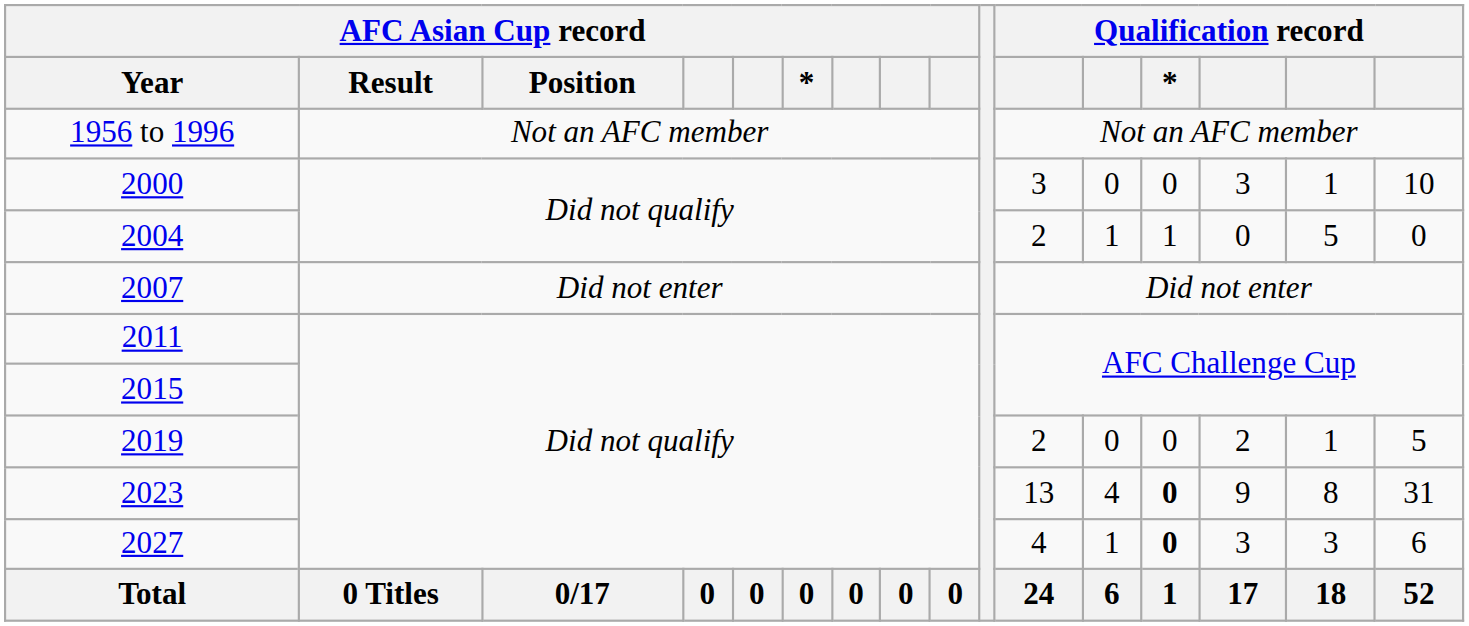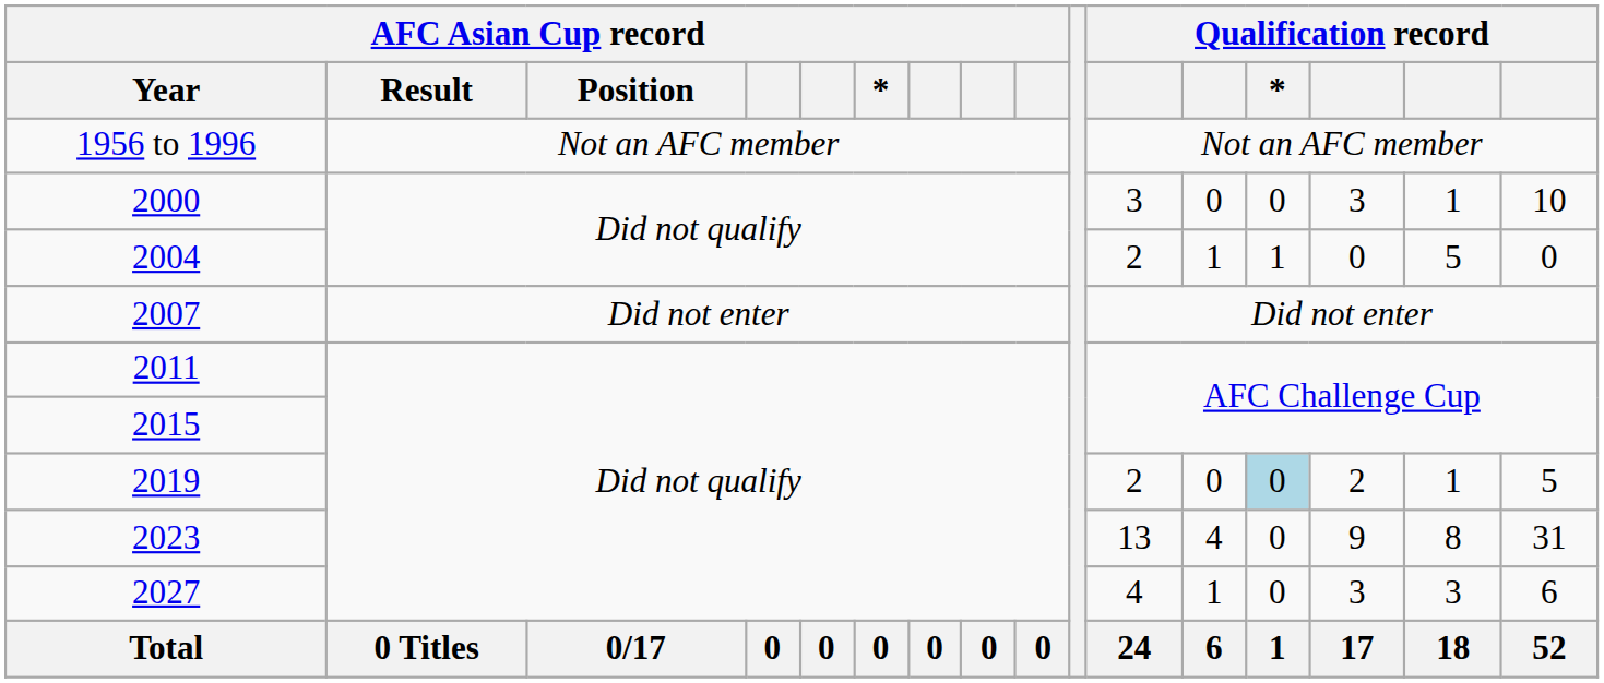 <table class="wikitable" style="text-align: center;font-size:90%;">
 <tr>
 <th colspan=9><a href='#'>AFC Asian Cup</a> record</th>
 <th style="width:1%;" rowspan="19"></th>
 <th colspan=6><a href='#'>Qualification</a> record</th>
 </tr>
 <tr>
 <th>Year</th>
 <th>Result</th>
 <th>Position</th>
 <th></th>
 <th></th>
 <th>*</th>
 <th></th>
 <th></th>
 <th></th>
 <th></th>
 <th></th>
 <th>*</th>
 <th></th>
 <th></th>
 <th></th>
 </tr>
 <tr>
 <td> <a href='#'>1956</a> to  <a href='#'>1996</a></td>
 <td colspan=8><em>Not an AFC member</em></td>
 <td colspan=6><em>Not an AFC member</em></td>
 </tr>
 <tr>
 <td> <a href='#'>2000</a></td>
 <td rowspan=2 colspan=8><em>Did not qualify</em></td>
 <td>3</td>
 <td>0</td>
 <td>0</td>
 <td>3</td>
 <td>1</td>
 <td>10</td>
 </tr>
 <tr>
 <td> <a href='#'>2004</a></td>
 <td>2</td>
 <td>1</td>
 <td>1</td>
 <td>0</td>
 <td>5</td>
 <td>0</td>
 </tr>
 <tr>
 <td>    <a href='#'>2007</a></td>
 <td colspan=8><em>Did not enter</em></td>
 <td colspan=8><em>Did not enter</em></td>
 </tr>
 <tr>
 <td> <a href='#'>2011</a></td>
 <td colspan=8 rowspan=5><em>Did not qualify</em></td>
 <td colspan=8 rowspan=2><a href='#'>AFC Challenge Cup</a></td>
 </tr>
 <tr>
 <td> <a href='#'>2015</a></td>
 </tr>
 <tr>
 <td> <a href='#'>2019</a></td>
 <td>2</td>
 <td>0</td>
-<td>0</td>
+<td style="background: lightblue;">0</td>
 <td>2</td>
 <td>1</td>
 <td>5</td>
 </tr>
 <tr>
 <td> <a href='#'>2023</a></td>
 <td>13</td>
 <td>4</td>
-<td><strong>0</strong></td>
+<td>0</td>
 <td>9</td>
 <td>8</td>
 <td>31</td>
 </tr>
 <tr>
 <td> <a href='#'>2027</a></td>
 <td>4</td>
 <td>1</td>
-<td><strong>0</strong></td>
+<td>0</td>
 <td>3</td>
 <td>3</td>
 <td>6</td>
 </tr>
 <tr>
 <th><strong>Total</strong></th>
 <th><strong>0 Titles</strong></th>
 <th><strong>0/17</strong></th>
 <th>0</th>
 <th>0</th>
 <th>0</th>
 <th>0</th>
 <th>0</th>
 <th>0</th>
 <th>24</th>
 <th>6</th>
 <th>1</th>
 <th>17</th>
 <th>18</th>
 <th>52</th>
 </tr>
 </table>
